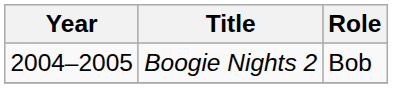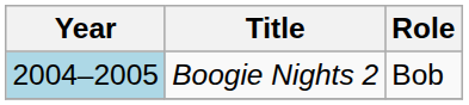 <table class="wikitable">
 <tr>
 <th>Year</th>
 <th>Title</th>
 <th>Role</th>
 </tr>
 <tr>
-<td>2004–2005</td>
+<td style="background: lightblue;">2004–2005</td>
 <td><em>Boogie Nights 2</em></td>
 <td>Bob</td>
 </tr>
 <tr>
 </tr>
 </table>
